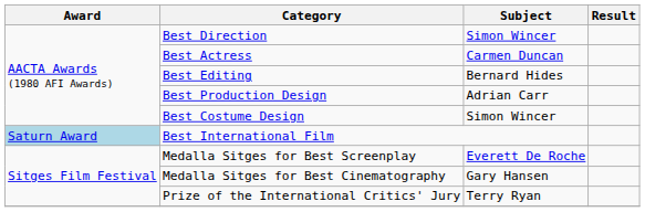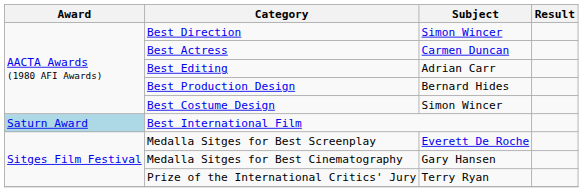 <table class="wikitable">
 <tr>
 <th>Award</th>
 <th>Category</th>
 <th>Subject</th>
 <th>Result</th>
 </tr>
 <tr>
 <td rowspan=5><a href='#'>AACTA Awards</a><br><small>(1980 AFI Awards)</small></td>
 <td><a href='#'>Best Direction</a></td>
 <td><a href='#'>Simon Wincer</a></td>
 <td></td>
 </tr>
 <tr>
 <td><a href='#'>Best Actress</a></td>
 <td><a href='#'>Carmen Duncan</a></td>
 <td></td>
 </tr>
 <tr>
 <td><a href='#'>Best Editing</a></td>
-<td>Bernard Hides</td>
+<td>Adrian Carr</td>
 <td></td>
 </tr>
 <tr>
 <td><a href='#'>Best Production Design</a></td>
-<td>Adrian Carr</td>
+<td>Bernard Hides</td>
 <td></td>
 </tr>
 <tr>
 <td><a href='#'>Best Costume Design</a></td>
 <td>Simon Wincer</td>
 <td></td>
 </tr>
 <tr>
 <td style="background: lightblue;"><a href='#'>Saturn Award</a></td>
 <td colspan=2><a href='#'>Best International Film</a></td>
 <td></td>
 </tr>
 <tr>
 <td rowspan=3><a href='#'>Sitges Film Festival</a></td>
 <td>Medalla Sitges for Best Screenplay</td>
 <td><a href='#'>Everett De Roche</a></td>
 <td></td>
 </tr>
 <tr>
 <td>Medalla Sitges for Best Cinematography</td>
 <td>Gary Hansen</td>
 <td></td>
 </tr>
 <tr>
 <td>Prize of the International Critics' Jury</td>
 <td>Terry Ryan</td>
 <td></td>
 </tr>
 <tr>
 </tr>
 </table>
